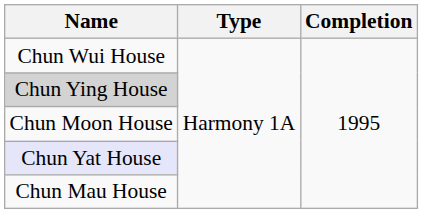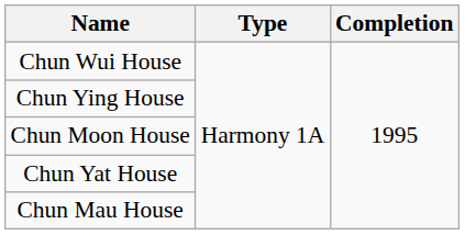 <table class="wikitable" style="text-align: center">
 <tr>
 <th>Name</th>
 <th>Type</th>
 <th>Completion</th>
 </tr>
 <tr>
 <td>Chun Wui House</td>
 <td rowspan="5">Harmony 1A</td>
 <td rowspan="5">1995</td>
 </tr>
 <tr>
-<td style="background: lightgrey;">Chun Ying House</td>
+<td>Chun Ying House</td>
 </tr>
 <tr>
 <td>Chun Moon House</td>
 </tr>
 <tr>
-<td style="background: lavender;">Chun Yat House</td>
+<td>Chun Yat House</td>
 </tr>
 <tr>
 <td>Chun Mau House</td>
 </tr>
 </table>
